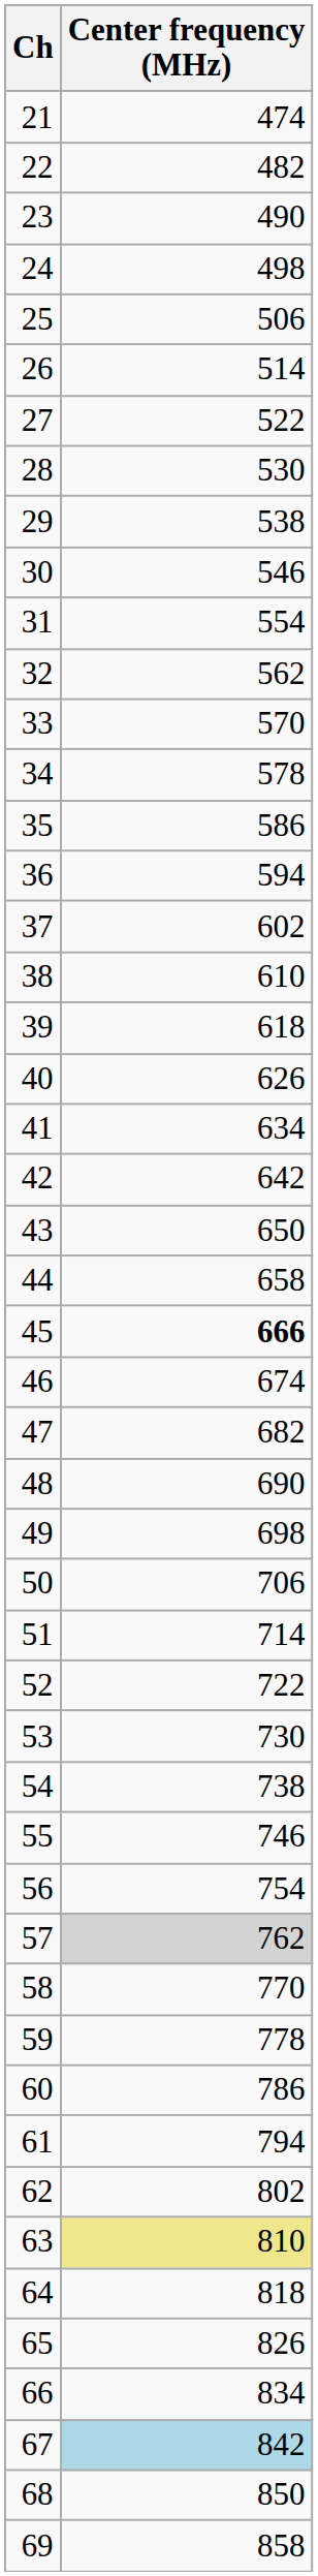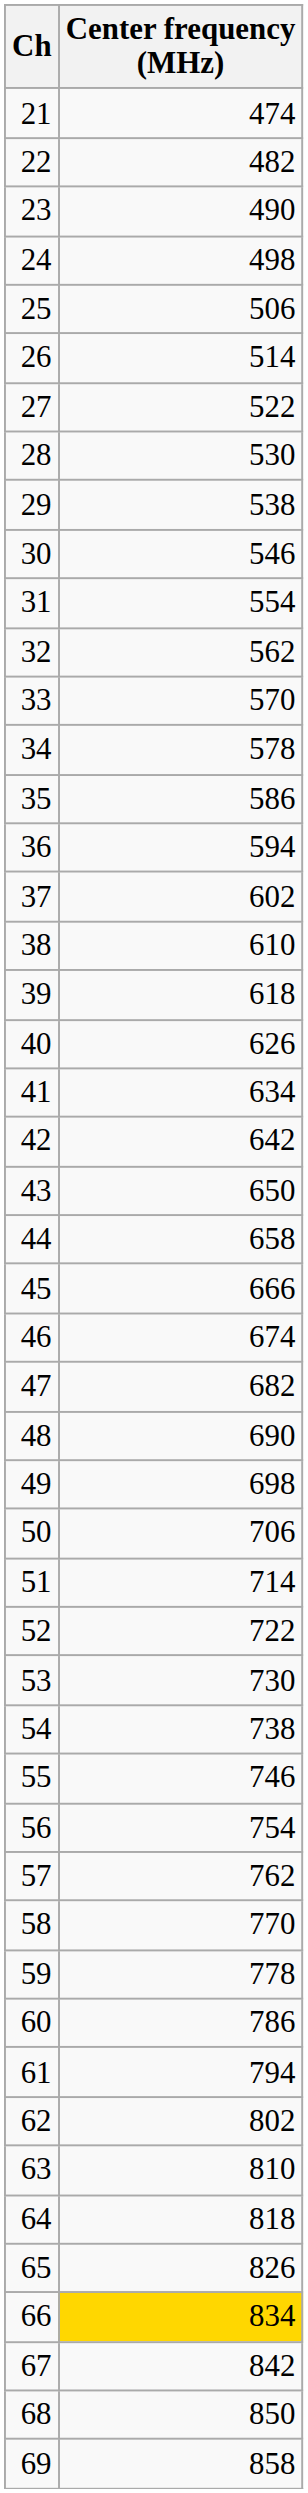 <table class="wikitable" style="text-align:right">
 <tr>
 <th>Ch</th>
 <th>Center frequency<br>(MHz)</th>
 </tr>
 <tr>
 <td>21</td>
 <td>474</td>
 </tr>
 <tr>
 <td>22</td>
 <td>482</td>
 </tr>
 <tr>
 <td>23</td>
 <td>490</td>
 </tr>
 <tr>
 <td>24</td>
 <td>498</td>
 </tr>
 <tr>
 <td>25</td>
 <td>506</td>
 </tr>
 <tr>
 <td>26</td>
 <td>514</td>
 </tr>
 <tr>
 <td>27</td>
 <td>522</td>
 </tr>
 <tr>
 <td>28</td>
 <td>530</td>
 </tr>
 <tr>
 <td>29</td>
 <td>538</td>
 </tr>
 <tr>
 <td>30</td>
 <td>546</td>
 </tr>
 <tr>
 <td>31</td>
 <td>554</td>
 </tr>
 <tr>
 <td>32</td>
 <td>562</td>
 </tr>
 <tr>
 <td>33</td>
 <td>570</td>
 </tr>
 <tr ¦>
 <td>34</td>
 <td>578</td>
 </tr>
 <tr>
 <td>35</td>
 <td>586</td>
 </tr>
 <tr>
 <td>36</td>
 <td>594</td>
 </tr>
 <tr>
 <td>37</td>
 <td>602</td>
 </tr>
 <tr>
 <td>38</td>
 <td>610</td>
 </tr>
 <tr>
 <td>39</td>
 <td>618</td>
 </tr>
 <tr>
 <td>40</td>
 <td>626</td>
 </tr>
 <tr>
 <td>41</td>
 <td>634</td>
 </tr>
 <tr>
 <td>42</td>
 <td>642</td>
 </tr>
 <tr>
 <td>43</td>
 <td>650</td>
 </tr>
 <tr>
 <td>44</td>
 <td>658</td>
 </tr>
 <tr>
 <td>45</td>
-<td><strong>666</strong></td>
+<td>666</td>
 </tr>
 <tr>
 <td>46</td>
 <td>674</td>
 </tr>
 <tr>
 <td>47</td>
 <td>682</td>
 </tr>
 <tr>
 <td>48</td>
 <td>690</td>
 </tr>
 <tr>
 <td>49</td>
 <td>698</td>
 </tr>
 <tr>
 <td>50</td>
 <td>706</td>
 </tr>
 <tr>
 <td>51</td>
 <td>714</td>
 </tr>
 <tr>
 <td>52</td>
 <td>722</td>
 </tr>
 <tr>
 <td>53</td>
 <td>730</td>
 </tr>
 <tr>
 <td>54</td>
 <td>738</td>
 </tr>
 <tr>
 <td>55</td>
 <td>746</td>
 </tr>
 <tr>
 <td>56</td>
 <td>754</td>
 </tr>
 <tr>
 <td>57</td>
-<td style="background: lightgrey;">762</td>
+<td>762</td>
 </tr>
 <tr>
 <td>58</td>
 <td>770</td>
 </tr>
 <tr>
 <td>59</td>
 <td>778</td>
 </tr>
 <tr>
 <td>60</td>
 <td>786</td>
 </tr>
 <tr>
 <td>61</td>
 <td>794</td>
 </tr>
 <tr>
 <td>62</td>
 <td>802</td>
 </tr>
 <tr>
 <td>63</td>
-<td style="background: khaki;">810</td>
+<td>810</td>
 </tr>
 <tr>
 <td>64</td>
 <td>818</td>
 </tr>
 <tr>
 <td>65</td>
 <td>826</td>
 </tr>
 <tr>
 <td>66</td>
-<td>834</td>
+<td style="background: gold;">834</td>
 </tr>
 <tr>
 <td>67</td>
-<td style="background: lightblue;">842</td>
+<td>842</td>
 </tr>
 <tr>
 <td>68</td>
 <td>850</td>
 </tr>
 <tr>
 <td>69</td>
 <td>858</td>
 </tr>
 <tr>
 </tr>
 </table>
